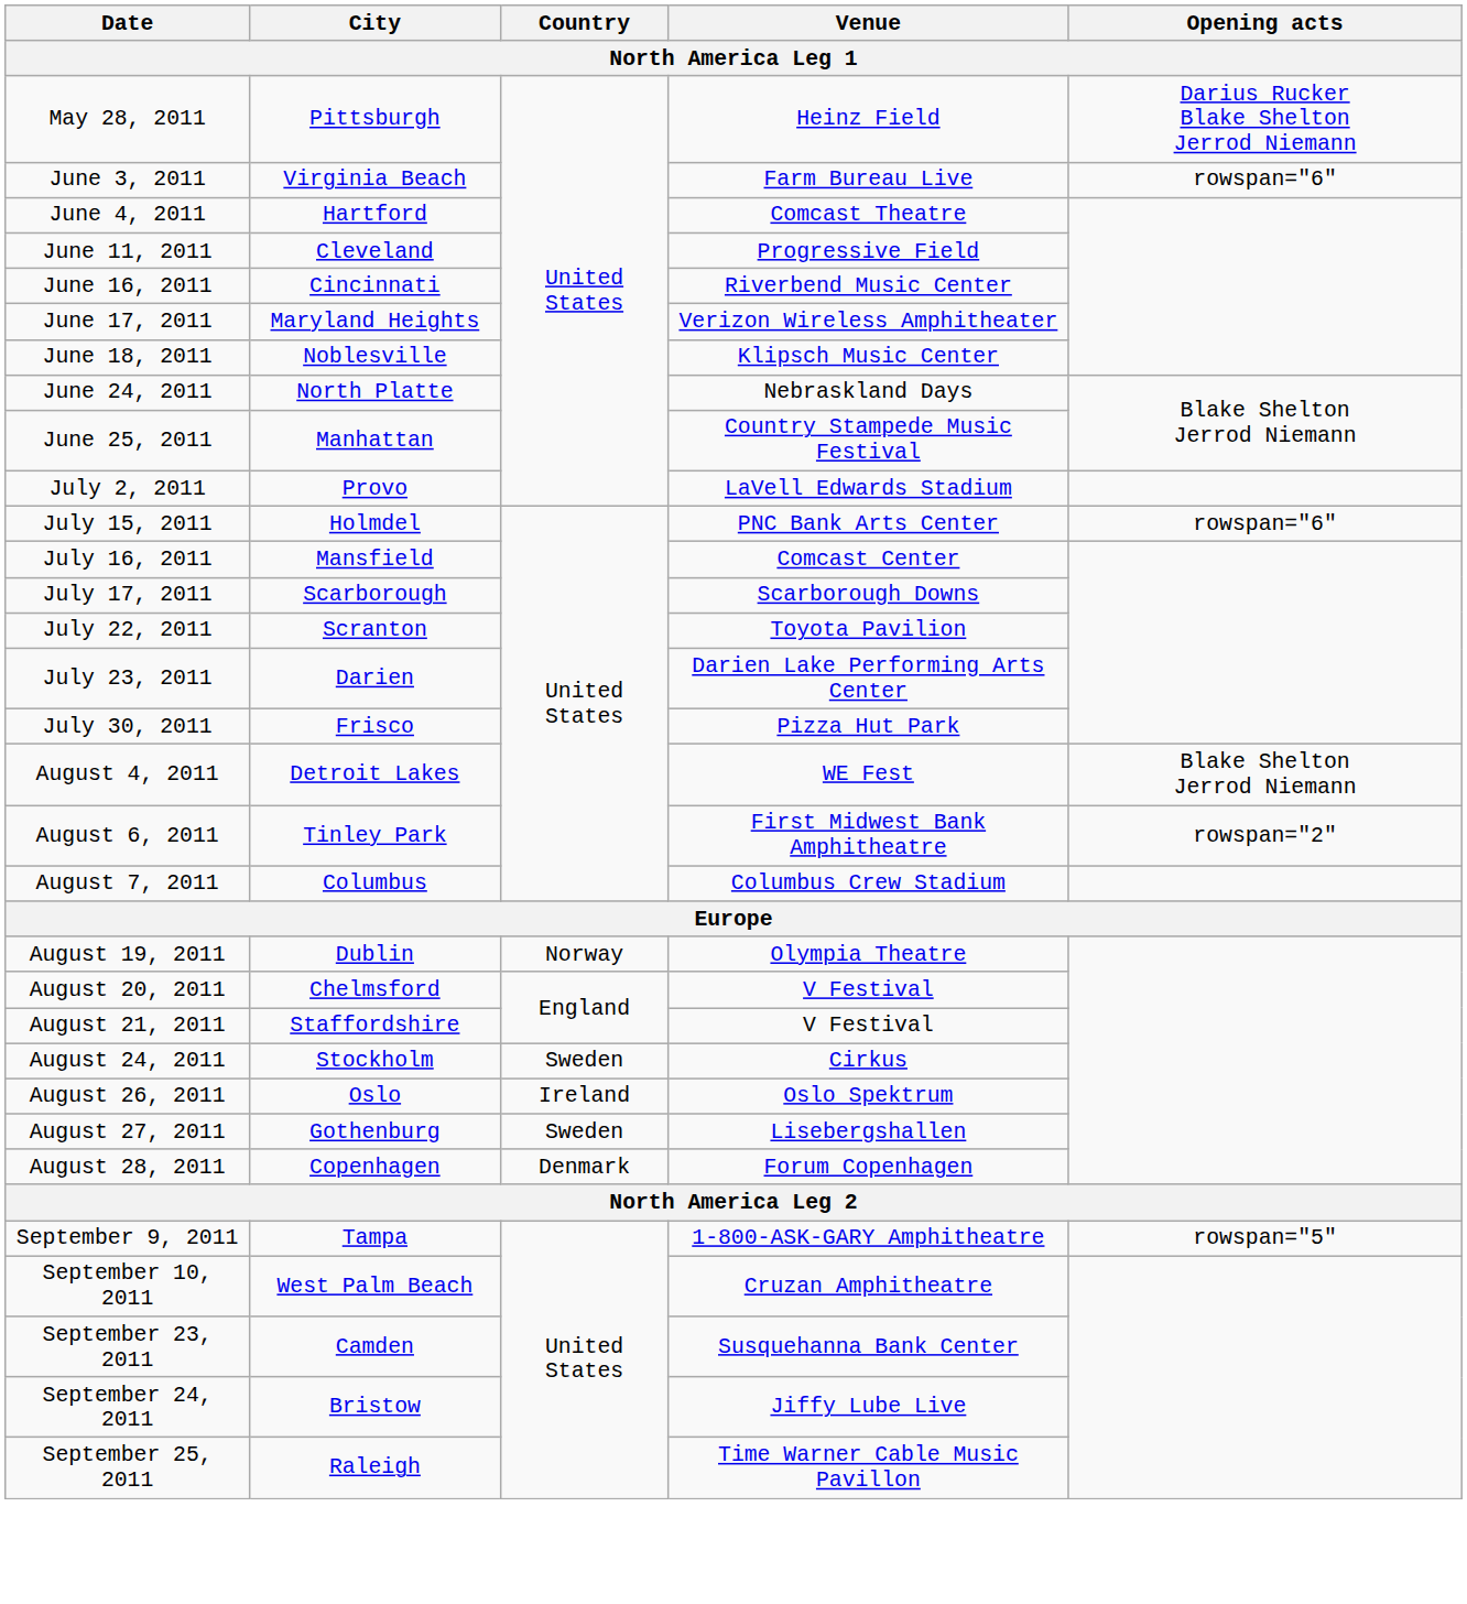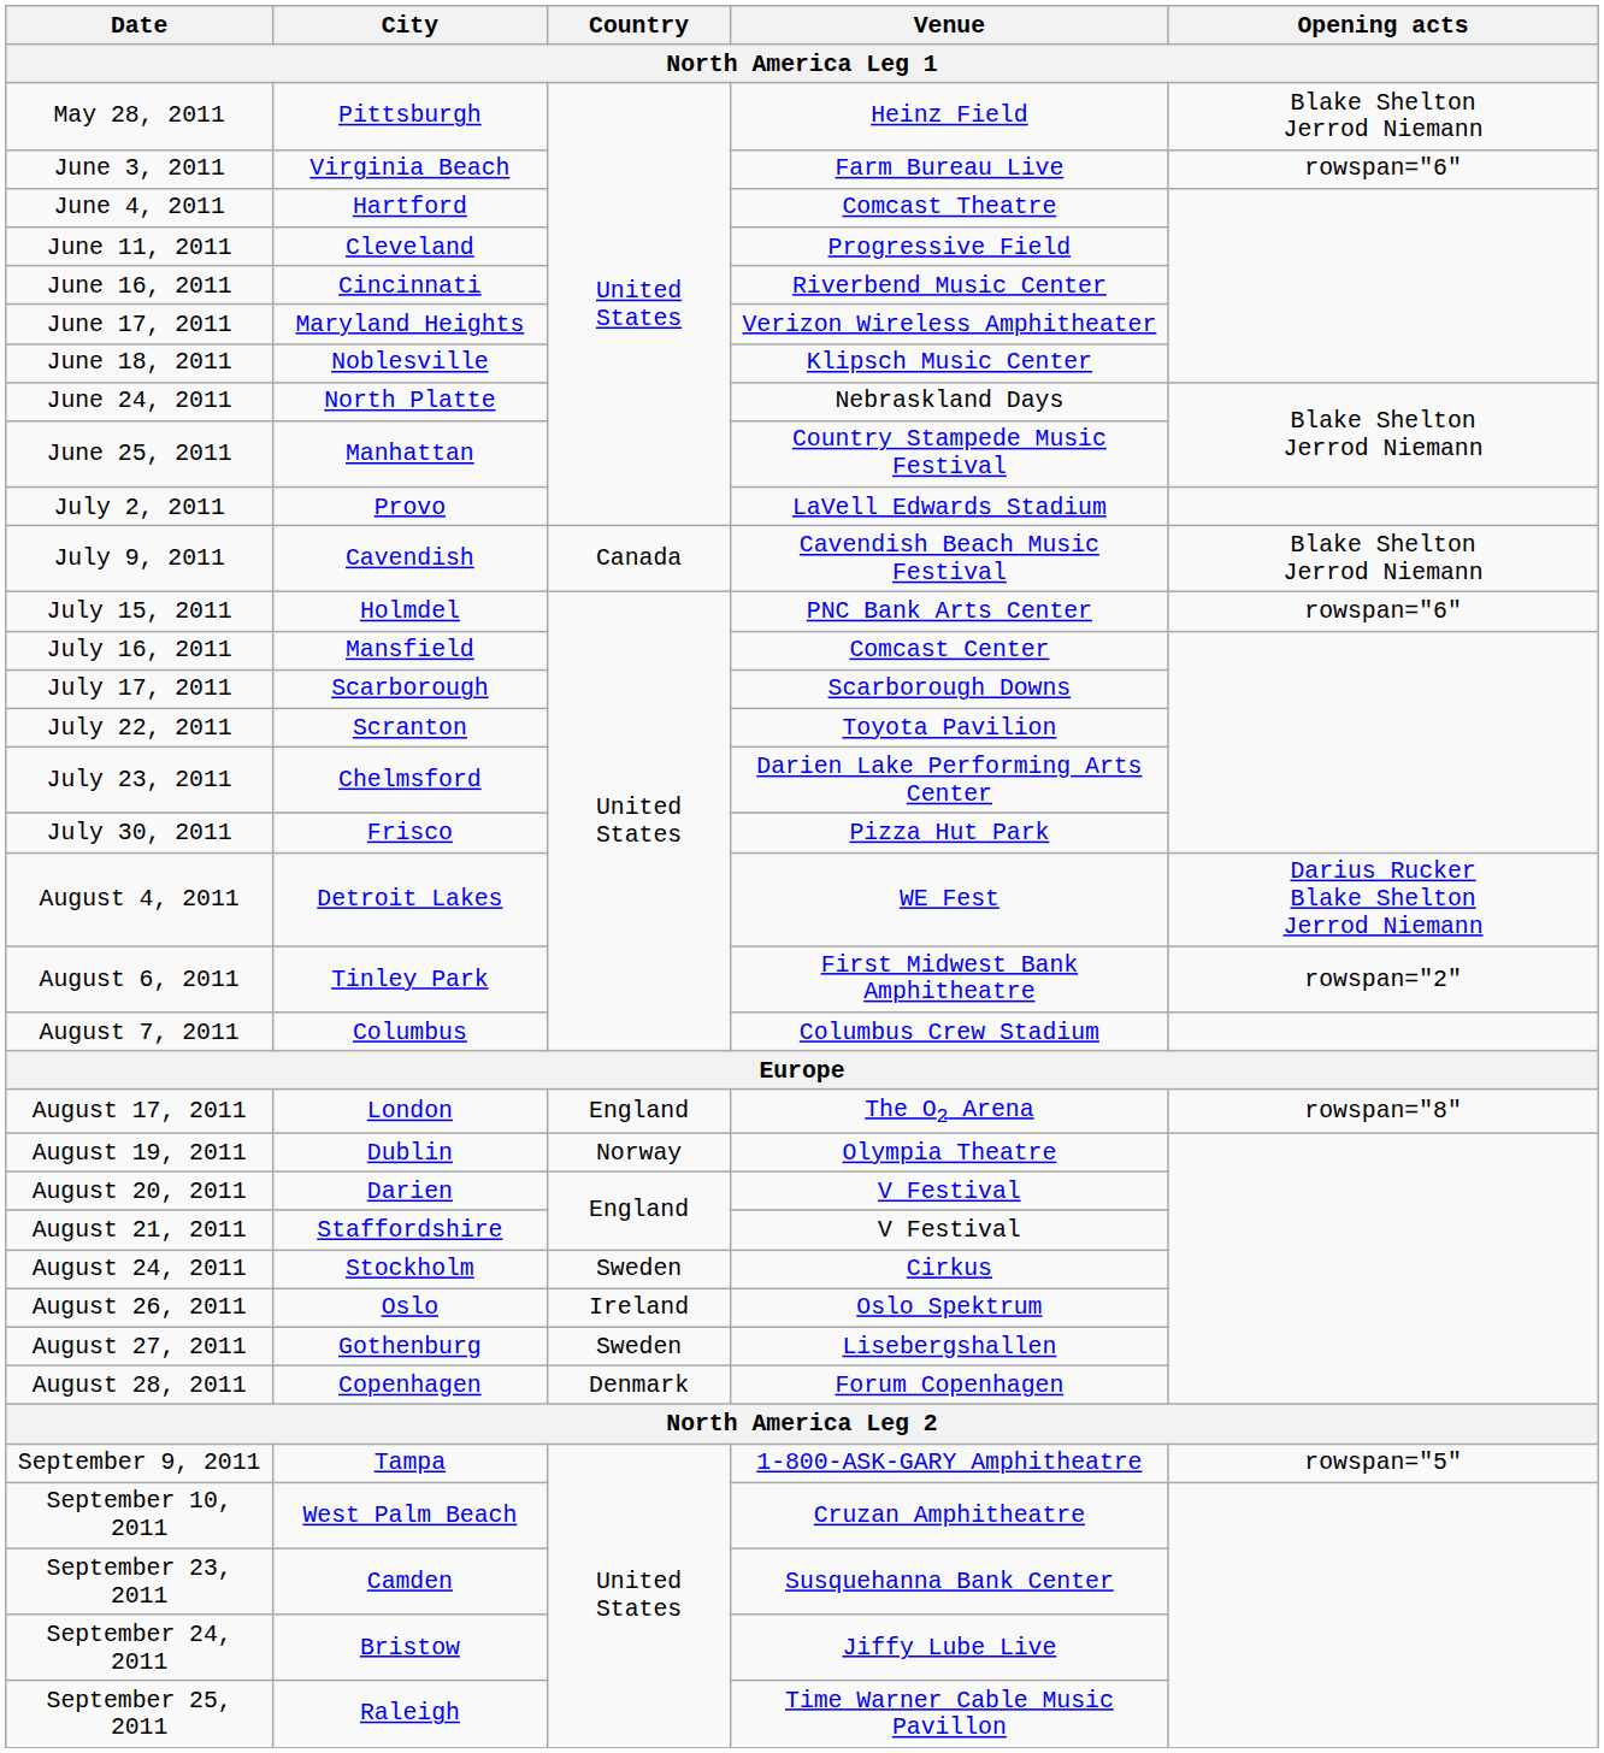 <table class="wikitable" style="text-align:center">
 <tr>
 <th style="width:150px;">Date</th>
 <th style="width:150px;">City</th>
 <th style="width:100px;">Country</th>
 <th style="width:250px;">Venue</th>
 <th style="width:250px;">Opening acts</th>
 </tr>
 <tr>
 <th colspan="5">North America Leg 1</th>
 </tr>
 <tr>
 <td>May 28, 2011</td>
 <td><a href='#'>Pittsburgh</a></td>
 <td rowspan="10"><a href='#'>United States</a></td>
 <td><a href='#'>Heinz Field</a></td>
-<td><a href='#'>Darius Rucker</a><br><a href='#'>Blake Shelton</a><br><a href='#'>Jerrod Niemann</a></td>
+<td>Blake Shelton<br>Jerrod Niemann</td>
 </tr>
 <tr>
 <td>June 3, 2011</td>
 <td><a href='#'>Virginia Beach</a></td>
 <td><a href='#'>Farm Bureau Live</a></td>
 <td>rowspan="6" </td>
 </tr>
 <tr>
 <td>June 4, 2011</td>
 <td><a href='#'>Hartford</a></td>
 <td><a href='#'>Comcast Theatre</a></td>
 </tr>
 <tr>
 <td>June 11, 2011</td>
 <td><a href='#'>Cleveland</a></td>
 <td><a href='#'>Progressive Field</a></td>
 </tr>
 <tr>
 <td>June 16, 2011</td>
 <td><a href='#'>Cincinnati</a></td>
 <td><a href='#'>Riverbend Music Center</a></td>
 </tr>
 <tr>
 <td>June 17, 2011</td>
 <td><a href='#'>Maryland Heights</a></td>
 <td><a href='#'>Verizon Wireless Amphitheater</a></td>
 </tr>
 <tr>
 <td>June 18, 2011</td>
 <td><a href='#'>Noblesville</a></td>
 <td><a href='#'>Klipsch Music Center</a></td>
 </tr>
 <tr>
 <td>June 24, 2011</td>
 <td><a href='#'>North Platte</a></td>
 <td>Nebraskland Days</td>
 <td rowspan="2">Blake Shelton<br>Jerrod Niemann</td>
 </tr>
 <tr>
 <td>June 25, 2011</td>
 <td><a href='#'>Manhattan</a></td>
 <td><a href='#'>Country Stampede Music Festival</a></td>
 </tr>
 <tr>
 <td>July 2, 2011</td>
 <td><a href='#'>Provo</a></td>
 <td><a href='#'>LaVell Edwards Stadium</a></td>
 <td></td>
 </tr>
 <tr>
+<td>July 9, 2011</td>
+<td><a href='#'>Cavendish</a></td>
+<td>Canada</td>
+<td><a href='#'>Cavendish Beach Music Festival</a></td>
+<td>Blake Shelton<br>Jerrod Niemann</td>
+</tr>
+<tr>
 <td>July 15, 2011</td>
 <td><a href='#'>Holmdel</a></td>
 <td rowspan="9">United States</td>
 <td><a href='#'>PNC Bank Arts Center</a></td>
 <td>rowspan="6" </td>
 </tr>
 <tr>
 <td>July 16, 2011</td>
 <td><a href='#'>Mansfield</a></td>
 <td><a href='#'>Comcast Center</a></td>
 </tr>
 <tr>
 <td>July 17, 2011</td>
 <td><a href='#'>Scarborough</a></td>
 <td><a href='#'>Scarborough Downs</a></td>
 </tr>
 <tr>
 <td>July 22, 2011</td>
 <td><a href='#'>Scranton</a></td>
 <td><a href='#'>Toyota Pavilion</a></td>
 </tr>
 <tr>
 <td>July 23, 2011</td>
-<td><a href='#'>Darien</a></td>
+<td><a href='#'>Chelmsford</a></td>
 <td><a href='#'>Darien Lake Performing Arts Center</a></td>
 </tr>
 <tr>
 <td>July 30, 2011</td>
 <td><a href='#'>Frisco</a></td>
 <td><a href='#'>Pizza Hut Park</a></td>
 </tr>
 <tr>
 <td>August 4, 2011</td>
 <td><a href='#'>Detroit Lakes</a></td>
 <td><a href='#'>WE Fest</a></td>
-<td>Blake Shelton<br>Jerrod Niemann</td>
+<td><a href='#'>Darius Rucker</a><br><a href='#'>Blake Shelton</a><br><a href='#'>Jerrod Niemann</a></td>
 </tr>
 <tr>
 <td>August 6, 2011</td>
 <td><a href='#'>Tinley Park</a></td>
 <td><a href='#'>First Midwest Bank Amphitheatre</a></td>
 <td>rowspan="2" </td>
 </tr>
 <tr>
 <td>August 7, 2011</td>
 <td><a href='#'>Columbus</a></td>
 <td><a href='#'>Columbus Crew Stadium</a></td>
 </tr>
 <tr>
 <th colspan="5">Europe</th>
 </tr>
 <tr>
+<td>August 17, 2011</td>
+<td><a href='#'>London</a></td>
+<td>England</td>
+<td><a href='#'>The O<sub>2</sub> Arena</a></td>
+<td>rowspan="8" </td>
+</tr>
+<tr>
 <td>August 19, 2011</td>
 <td><a href='#'>Dublin</a></td>
 <td>Norway</td>
 <td><a href='#'>Olympia Theatre</a></td>
 </tr>
 <tr>
 <td>August 20, 2011</td>
-<td><a href='#'>Chelmsford</a></td>
+<td><a href='#'>Darien</a></td>
 <td rowspan="2">England</td>
 <td><a href='#'>V Festival</a></td>
 </tr>
 <tr>
 <td>August 21, 2011</td>
 <td><a href='#'>Staffordshire</a></td>
 <td>V Festival</td>
 </tr>
 <tr>
 <td>August 24, 2011</td>
 <td><a href='#'>Stockholm</a></td>
 <td>Sweden</td>
 <td><a href='#'>Cirkus</a></td>
 </tr>
 <tr>
 <td>August 26, 2011</td>
 <td><a href='#'>Oslo</a></td>
 <td>Ireland</td>
 <td><a href='#'>Oslo Spektrum</a></td>
 </tr>
 <tr>
 <td>August 27, 2011</td>
 <td><a href='#'>Gothenburg</a></td>
 <td>Sweden</td>
 <td><a href='#'>Lisebergshallen</a></td>
 </tr>
 <tr>
 <td>August 28, 2011</td>
 <td><a href='#'>Copenhagen</a></td>
 <td>Denmark</td>
 <td><a href='#'>Forum Copenhagen</a></td>
 </tr>
 <tr>
 <th colspan="5">North America Leg 2</th>
 </tr>
 <tr>
 <td>September 9, 2011</td>
 <td><a href='#'>Tampa</a></td>
 <td rowspan="5">United States</td>
 <td><a href='#'>1-800-ASK-GARY Amphitheatre</a></td>
 <td>rowspan="5" </td>
 </tr>
 <tr>
 <td>September 10, 2011</td>
 <td><a href='#'>West Palm Beach</a></td>
 <td><a href='#'>Cruzan Amphitheatre</a></td>
 </tr>
 <tr>
 <td>September 23, 2011</td>
 <td><a href='#'>Camden</a></td>
 <td><a href='#'>Susquehanna Bank Center</a></td>
 </tr>
 <tr>
 <td>September 24, 2011</td>
 <td><a href='#'>Bristow</a></td>
 <td><a href='#'>Jiffy Lube Live</a></td>
 </tr>
 <tr>
 <td>September 25, 2011</td>
 <td><a href='#'>Raleigh</a></td>
 <td><a href='#'>Time Warner Cable Music Pavillon</a></td>
 </tr>
 </table>
